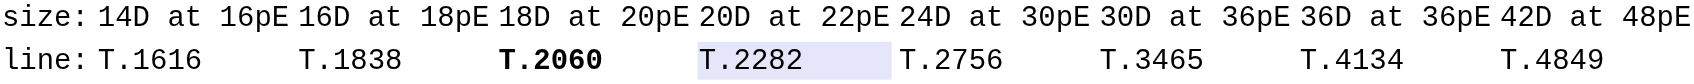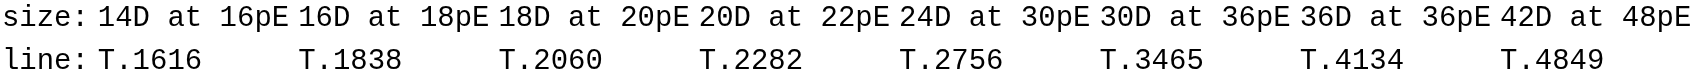 <table style="margin-left:40px;">
 <tr>
 <td>size:</td>
 <td>14D at 16pE</td>
 <td>16D at 18pE</td>
 <td>18D at 20pE</td>
 <td>20D at 22pE</td>
 <td>24D at 30pE</td>
 <td>30D at 36pE</td>
 <td>36D at 36pE</td>
 <td>42D at 48pE</td>
 </tr>
 <tr>
 <td>line:</td>
 <td>T.1616</td>
 <td>T.1838</td>
-<td><strong>T.2060</strong></td>
-<td style="background: lavender;">T.2282</td>
+<td>T.2060</td>
+<td>T.2282</td>
 <td>T.2756</td>
 <td>T.3465</td>
 <td>T.4134</td>
 <td>T.4849</td>
 </tr>
 </table>
